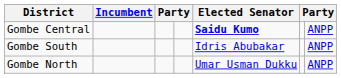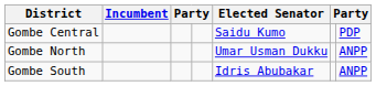 <table class="sortable wikitable" style="font-size:95%;line-height:14px;">
 <tr>
 <th class="unsortable">District</th>
 <th class="unsortable"><a href='#'>Incumbent</a></th>
 <th colspan="2">Party</th>
 <th class="unsortable">Elected Senator</th>
 <th colspan="2">Party</th>
 </tr>
 <tr>
 <td>Gombe Central</td>
 <td></td>
 <td></td>
 <td></td>
-<td><strong><a href='#'>Saidu Kumo</a></strong></td>
+<td><a href='#'>Saidu Kumo</a></td>
+<td style="background:"></td>
+<td><a href='#'>PDP</a></td>
+</tr>
+<tr>
+<td>Gombe North</td>
+<td></td>
+<td></td>
+<td></td>
+<td><a href='#'>Umar Usman Dukku</a></td>
 <td style="background:"></td>
 <td><a href='#'>ANPP</a></td>
 </tr>
 <tr>
 <td>Gombe South</td>
 <td></td>
 <td></td>
 <td></td>
 <td><a href='#'>Idris Abubakar</a></td>
 <td style="background:"></td>
 <td><a href='#'>ANPP</a></td>
 </tr>
-<tr>
-<td>Gombe North</td>
-<td></td>
-<td></td>
-<td></td>
-<td><a href='#'>Umar Usman Dukku</a></td>
-<td style="background:"></td>
-<td><a href='#'>ANPP</a></td>
-</tr>
 </table>
